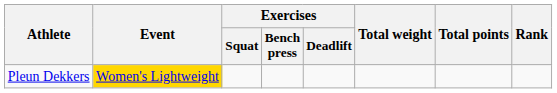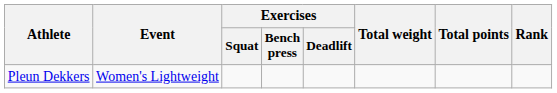 <table class=wikitable style="font-size:90%">
 <tr>
 <th rowspan="2">Athlete</th>
 <th rowspan="2">Event</th>
 <th colspan="3">Exercises</th>
 <th rowspan="2">Total weight</th>
 <th rowspan="2">Total points</th>
 <th rowspan="2">Rank</th>
 </tr>
 <tr style="font-size:95%">
 <th>Squat</th>
 <th>Bench<br>press</th>
 <th>Deadlift</th>
 </tr>
 <tr align=center>
 <td align=left><a href='#'>Pleun Dekkers</a></td>
-<td align=left style="background: gold;"><a href='#'>Women's Lightweight</a></td>
+<td align=left><a href='#'>Women's Lightweight</a></td>
 <td></td>
 <td></td>
 <td></td>
 <td></td>
 <td></td>
 <td></td>
 </tr>
 </table>
